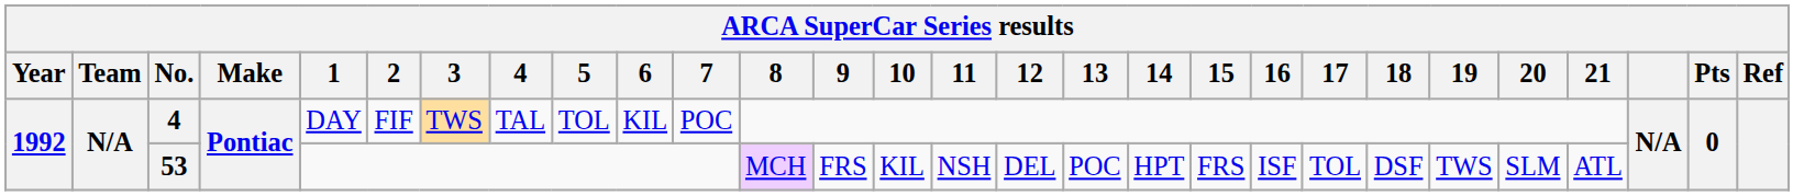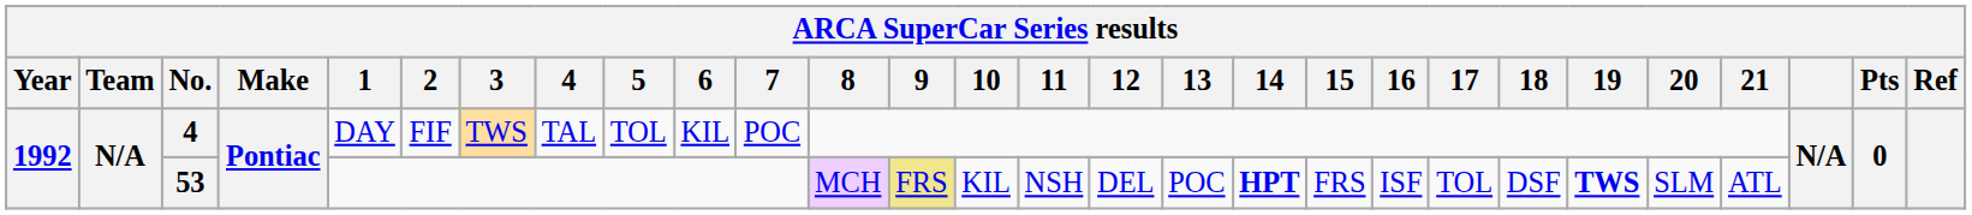 <table class="wikitable" style="text-align:center; font-size:75%">
 <tr>
 <th colspan=45><a href='#'>ARCA SuperCar Series</a> results</th>
 </tr>
 <tr>
 <th>Year</th>
 <th>Team</th>
 <th>No.</th>
 <th>Make</th>
 <th>1</th>
 <th>2</th>
 <th>3</th>
 <th>4</th>
 <th>5</th>
 <th>6</th>
 <th>7</th>
 <th>8</th>
 <th>9</th>
 <th>10</th>
 <th>11</th>
 <th>12</th>
 <th>13</th>
 <th>14</th>
 <th>15</th>
 <th>16</th>
 <th>17</th>
 <th>18</th>
 <th>19</th>
 <th>20</th>
 <th>21</th>
 <th></th>
 <th>Pts</th>
 <th>Ref</th>
 </tr>
 <tr>
 <th rowspan=2><a href='#'>1992</a></th>
 <th rowspan=2>N/A</th>
 <th>4</th>
 <th rowspan=2><a href='#'>Pontiac</a></th>
 <td><a href='#'>DAY</a></td>
 <td><a href='#'>FIF</a></td>
 <td style="background:#FFDF9F;"><a href='#'>TWS</a><br></td>
 <td><a href='#'>TAL</a></td>
 <td><a href='#'>TOL</a></td>
 <td><a href='#'>KIL</a></td>
 <td><a href='#'>POC</a></td>
 <td colspan=14></td>
 <th rowspan=2>N/A</th>
 <th rowspan=2>0</th>
 <th rowspan=2></th>
 </tr>
 <tr>
 <th>53</th>
 <td colspan=7></td>
 <td style="background:#EFCFFF;"><a href='#'>MCH</a><br></td>
-<td><a href='#'>FRS</a></td>
+<td style="background: khaki;"><a href='#'>FRS</a></td>
 <td><a href='#'>KIL</a></td>
 <td><a href='#'>NSH</a></td>
 <td><a href='#'>DEL</a></td>
 <td><a href='#'>POC</a></td>
-<td><a href='#'>HPT</a></td>
+<td><strong><a href='#'>HPT</a></strong></td>
 <td><a href='#'>FRS</a></td>
 <td><a href='#'>ISF</a></td>
 <td><a href='#'>TOL</a></td>
 <td><a href='#'>DSF</a></td>
-<td><a href='#'>TWS</a></td>
+<td><strong><a href='#'>TWS</a></strong></td>
 <td><a href='#'>SLM</a></td>
 <td><a href='#'>ATL</a></td>
 </tr>
 </table>
